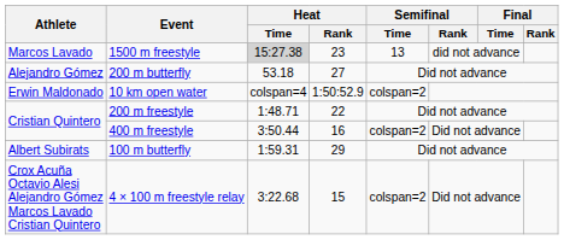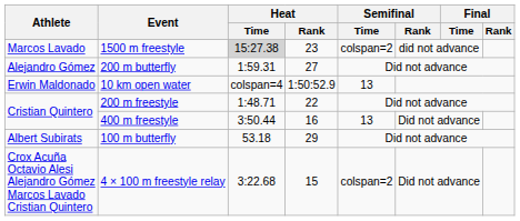 <table class=wikitable style="font-size:90%">
 <tr>
 <th rowspan="2">Athlete</th>
 <th rowspan="2">Event</th>
 <th colspan="2">Heat</th>
 <th colspan="2">Semifinal</th>
 <th colspan="2">Final</th>
 </tr>
 <tr style="font-size:95%">
 <th>Time</th>
 <th>Rank</th>
 <th>Time</th>
 <th>Rank</th>
 <th>Time</th>
 <th>Rank</th>
 </tr>
 <tr align=center>
 <td align=left><a href='#'>Marcos Lavado</a></td>
 <td align=left><a href='#'>1500 m freestyle</a></td>
 <td style="background: lightgrey;">15:27.38</td>
 <td>23</td>
-<td>13</td>
+<td>colspan=2 </td>
 <td colspan=2>did not advance</td>
 </tr>
 <tr align=center>
 <td align=left><a href='#'>Alejandro Gómez</a></td>
 <td align=left><a href='#'>200 m butterfly</a></td>
-<td>53.18</td>
+<td>1:59.31</td>
 <td>27</td>
 <td colspan=4>Did not advance</td>
 </tr>
 <tr align=center>
 <td align=left><a href='#'>Erwin Maldonado</a></td>
 <td align=left><a href='#'>10 km open water</a></td>
 <td>colspan=4 </td>
 <td>1:50:52.9</td>
-<td>colspan=2 </td>
+<td>13</td>
 </tr>
 <tr align=center>
 <td align=left rowspan=2><a href='#'>Cristian Quintero</a></td>
 <td align=left><a href='#'>200 m freestyle</a></td>
 <td>1:48.71</td>
 <td>22</td>
 <td colspan=4>Did not advance</td>
 </tr>
 <tr align=center>
 <td align=left><a href='#'>400 m freestyle</a></td>
 <td>3:50.44</td>
 <td>16</td>
-<td>colspan=2 </td>
+<td>13</td>
 <td colspan=2>Did not advance</td>
 </tr>
 <tr align=center>
 <td align=left><a href='#'>Albert Subirats</a></td>
 <td align=left><a href='#'>100 m butterfly</a></td>
-<td>1:59.31</td>
+<td>53.18</td>
 <td>29</td>
 <td colspan=4>Did not advance</td>
 </tr>
 <tr align=center>
 <td align=left><a href='#'>Crox Acuña</a><br><a href='#'>Octavio Alesi</a><br><a href='#'>Alejandro Gómez</a><br><a href='#'>Marcos Lavado</a><br><a href='#'>Cristian Quintero</a></td>
 <td align=left><a href='#'>4 × 100 m freestyle relay</a></td>
 <td>3:22.68</td>
 <td>15</td>
 <td>colspan=2 </td>
 <td colspan=2>Did not advance</td>
 </tr>
 </table>
